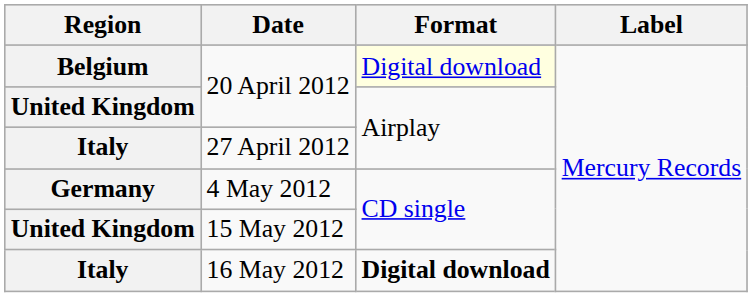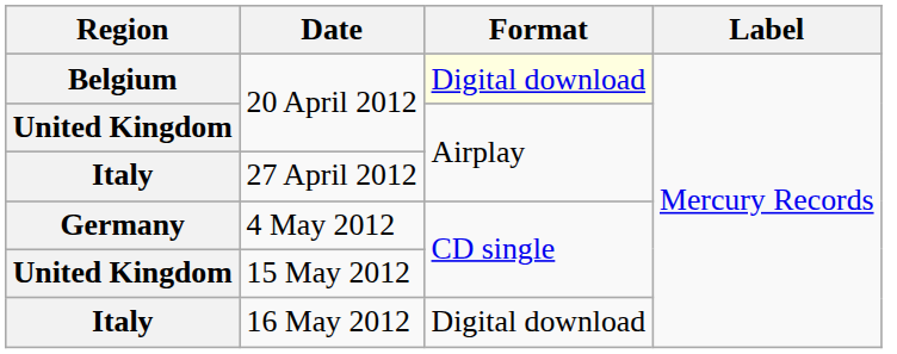 <table class="wikitable plainrowheaders">
 <tr>
 <th>Region</th>
 <th>Date</th>
 <th>Format</th>
 <th>Label</th>
 </tr>
 <tr>
 <th scope="row">Belgium</th>
 <td rowspan="2">20 April 2012</td>
 <td style="background: lightyellow;"><a href='#'>Digital download</a></td>
 <td rowspan="6"><a href='#'>Mercury Records</a></td>
 </tr>
 <tr>
 <th scope="row">United Kingdom</th>
 <td rowspan="2">Airplay</td>
 </tr>
 <tr>
 <th scope="row">Italy</th>
 <td>27 April 2012</td>
 </tr>
 <tr>
 <th scope="row">Germany</th>
 <td>4 May 2012</td>
 <td rowspan="2"><a href='#'>CD single</a></td>
 </tr>
 <tr>
 <th scope="row">United Kingdom</th>
 <td>15 May 2012</td>
 </tr>
 <tr>
 <th scope="row">Italy</th>
 <td>16 May 2012</td>
-<td><strong>Digital download</strong></td>
+<td>Digital download</td>
 </tr>
 </table>
